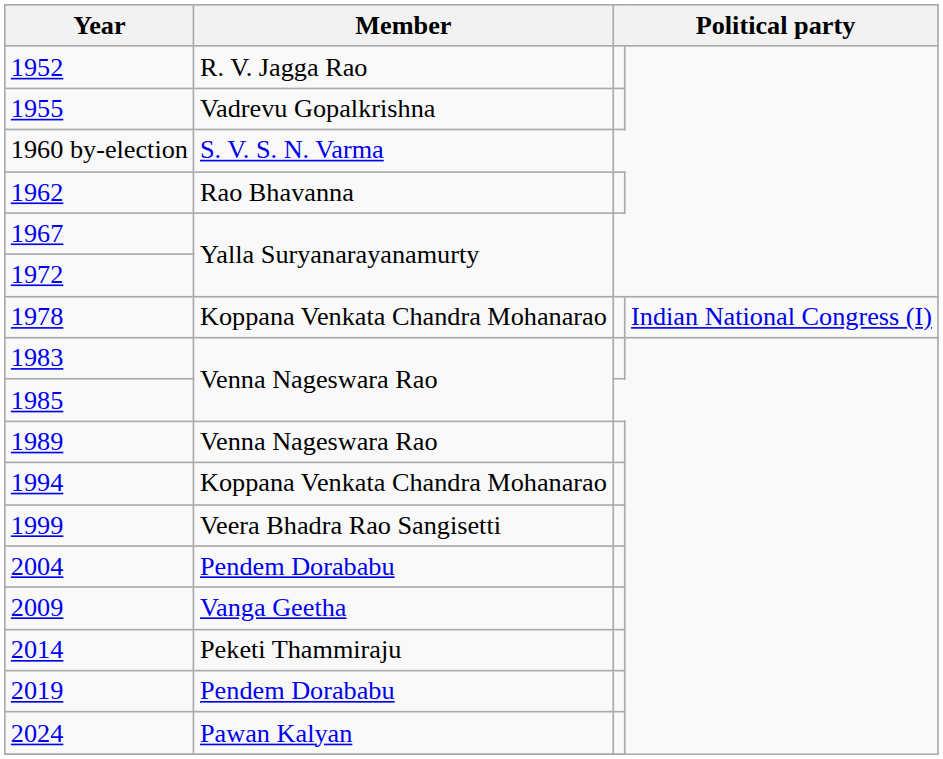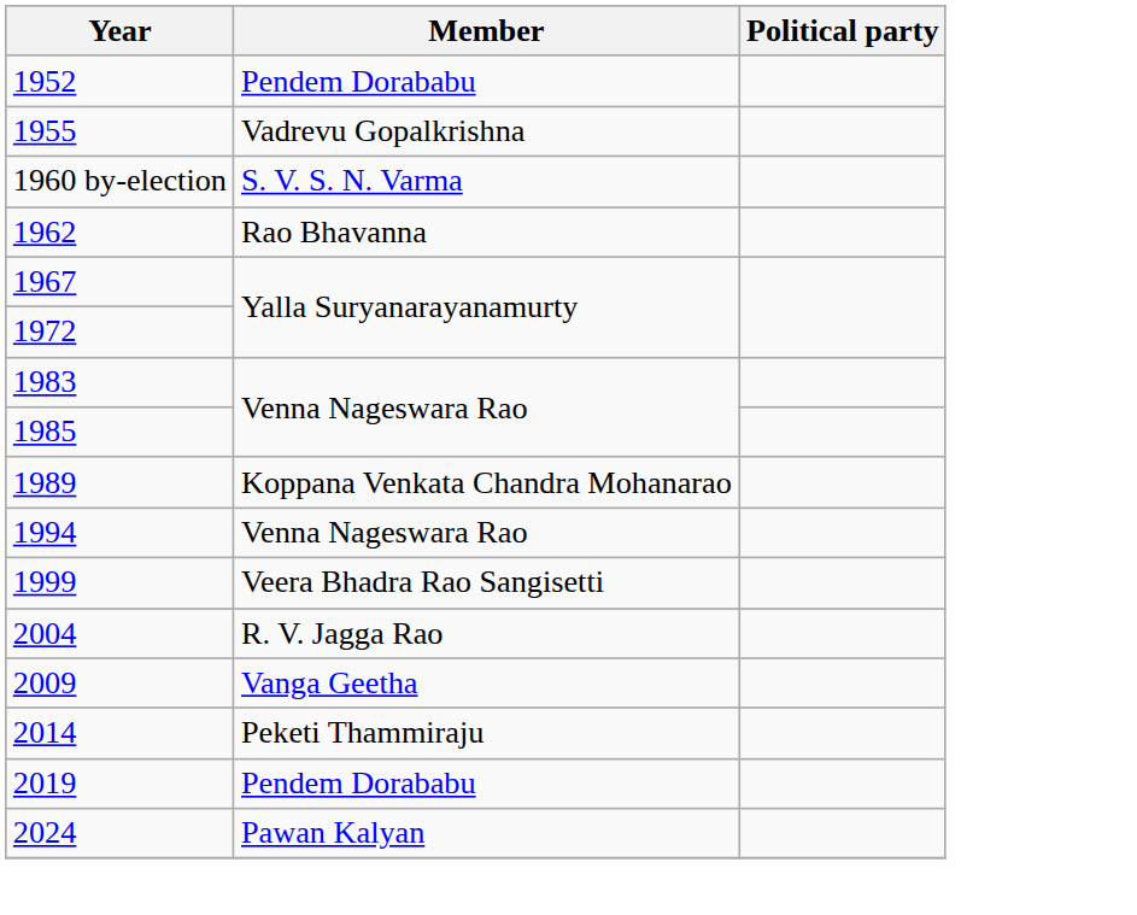 <table class="wikitable sortable">
 <tr>
 <th>Year</th>
 <th>Member</th>
 <th colspan="2">Political party</th>
 </tr>
 <tr>
 <td><a href='#'>1952</a></td>
-<td>R. V. Jagga Rao</td>
+<td><a href='#'>Pendem Dorababu</a></td>
 <td></td>
 </tr>
 <tr>
 <td><a href='#'>1955</a></td>
 <td>Vadrevu Gopalkrishna</td>
 <td></td>
 </tr>
 <tr>
 <td>1960 by-election</td>
 <td><a href='#'>S. V. S. N. Varma</a></td>
 </tr>
 <tr>
 <td><a href='#'>1962</a></td>
 <td>Rao Bhavanna</td>
 <td></td>
 </tr>
 <tr>
 <td><a href='#'>1967</a></td>
 <td rowspan=2>Yalla Suryanarayanamurty</td>
 </tr>
 <tr>
 <td><a href='#'>1972</a></td>
 </tr>
 <tr>
-<td><a href='#'>1978</a></td>
-<td>Koppana Venkata Chandra Mohanarao</td>
-<td style="background-color: "></td>
-<td><a href='#'>Indian National Congress (I)</a></td>
-</tr>
-<tr>
 <td><a href='#'>1983</a></td>
 <td rowspan=2>Venna Nageswara Rao</td>
 <td></td>
 </tr>
 <tr>
 <td><a href='#'>1985</a></td>
 </tr>
 <tr>
 <td><a href='#'>1989</a></td>
-<td>Venna Nageswara Rao</td>
+<td>Koppana Venkata Chandra Mohanarao</td>
 <td></td>
 </tr>
 <tr>
 <td><a href='#'>1994</a></td>
-<td>Koppana Venkata Chandra Mohanarao</td>
+<td>Venna Nageswara Rao</td>
 <td></td>
 </tr>
 <tr>
 <td><a href='#'>1999</a></td>
 <td>Veera Bhadra Rao Sangisetti</td>
 <td></td>
 </tr>
 <tr>
 <td><a href='#'>2004</a></td>
-<td><a href='#'>Pendem Dorababu</a></td>
+<td>R. V. Jagga Rao</td>
 <td></td>
 </tr>
 <tr>
 <td><a href='#'>2009</a></td>
 <td><a href='#'>Vanga Geetha</a></td>
 <td></td>
 </tr>
 <tr>
 <td><a href='#'>2014</a></td>
 <td>Peketi Thammiraju</td>
 <td></td>
 </tr>
 <tr>
 <td><a href='#'>2019</a></td>
 <td><a href='#'>Pendem Dorababu</a></td>
 <td></td>
 </tr>
 <tr>
 <td><a href='#'>2024</a></td>
 <td><a href='#'>Pawan Kalyan</a></td>
 <td></td>
 </tr>
 <tr>
 </tr>
 </table>
